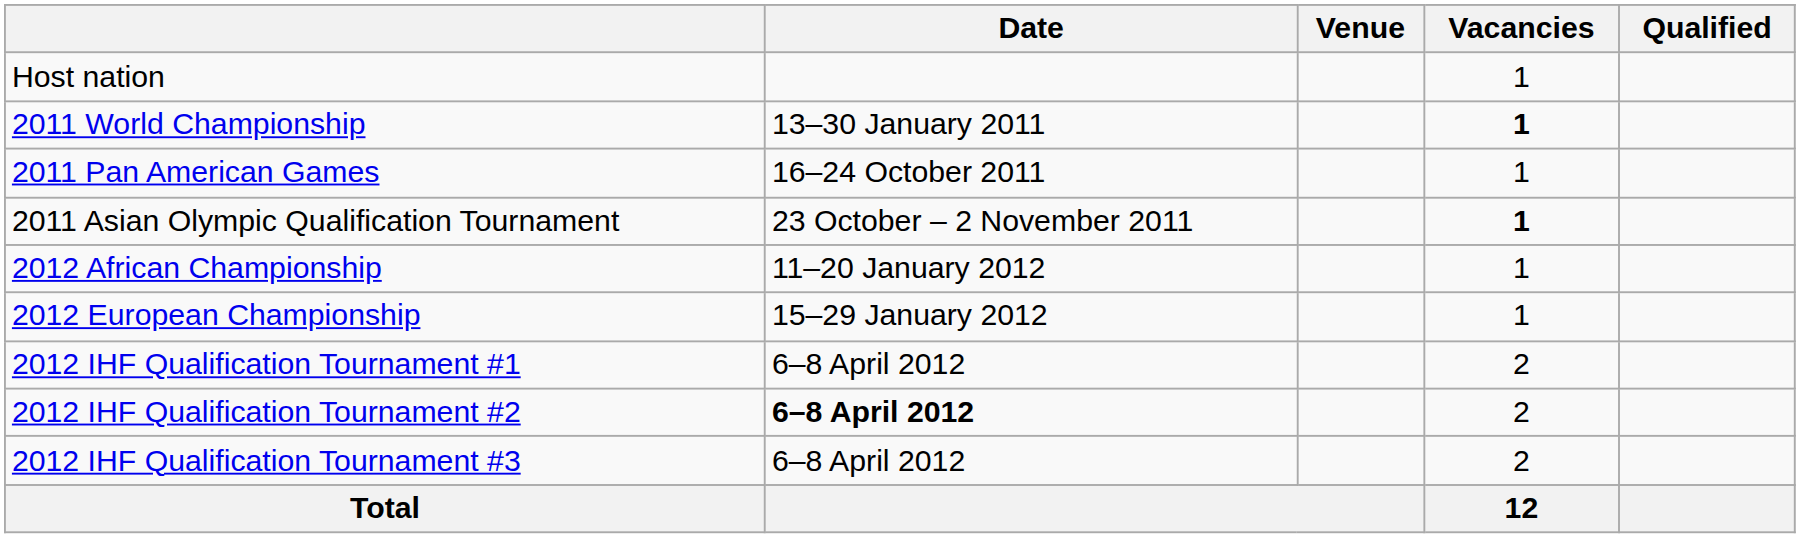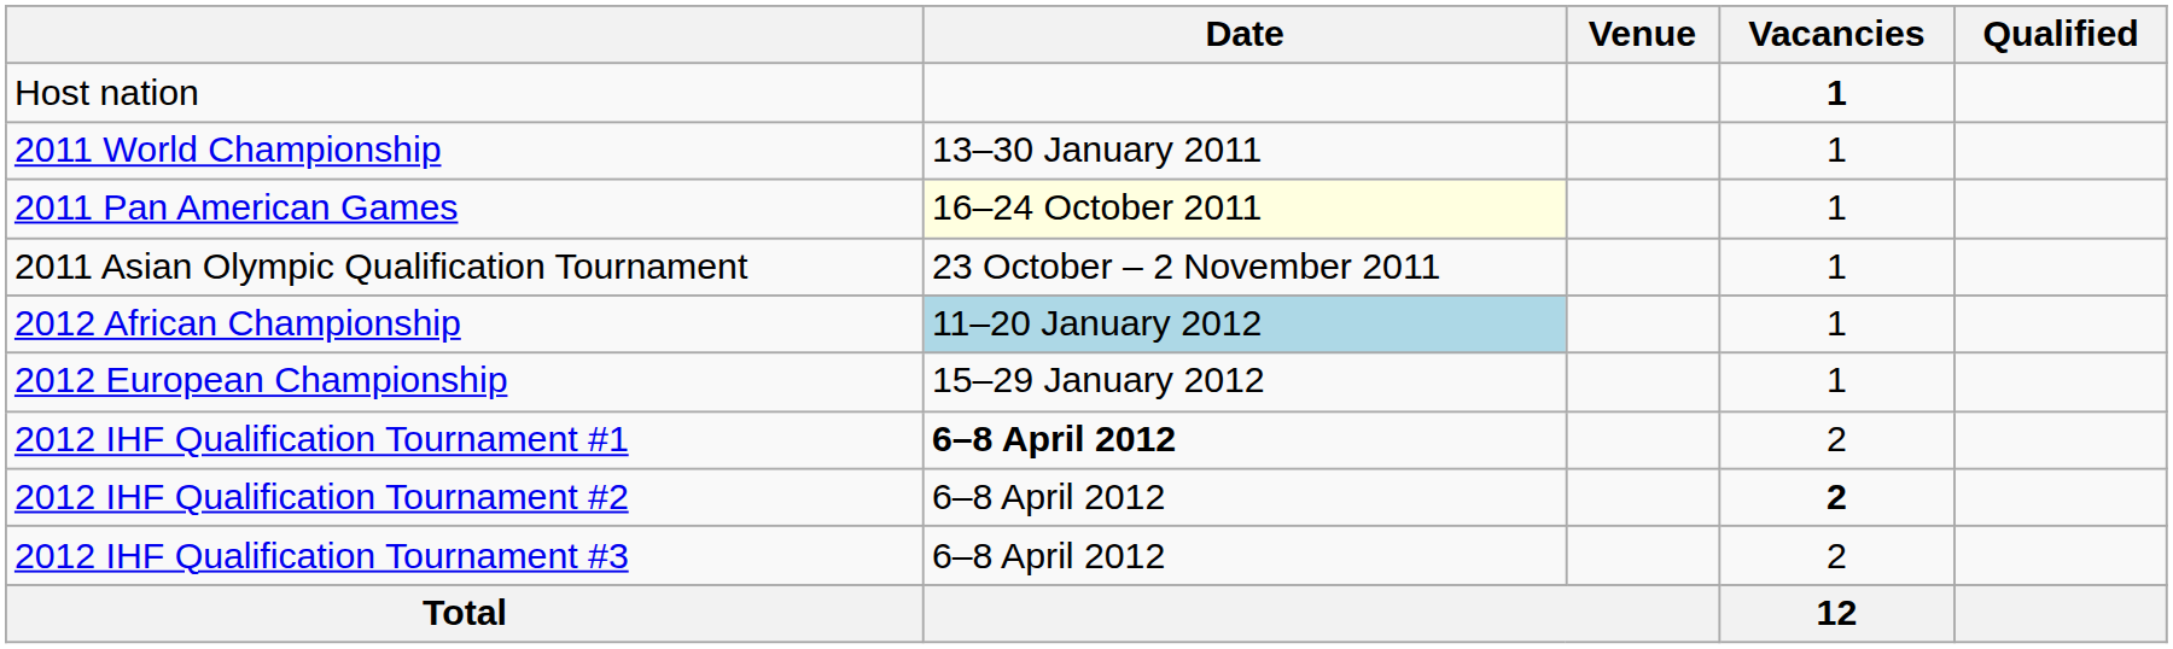 <table class="wikitable" width=75%>
 <tr>
 <th></th>
 <th>Date</th>
 <th>Venue</th>
 <th>Vacancies</th>
 <th>Qualified</th>
 </tr>
 <tr>
 <td>Host nation</td>
 <td></td>
 <td></td>
-<td align="center">1</td>
+<td align="center"><strong>1</strong></td>
 <td></td>
 </tr>
 <tr>
 <td><a href='#'>2011 World Championship</a></td>
 <td>13–30 January 2011</td>
 <td></td>
-<td align="center"><strong>1</strong></td>
+<td align="center">1</td>
 <td></td>
 </tr>
 <tr>
 <td><a href='#'>2011 Pan American Games</a></td>
-<td>16–24 October 2011</td>
+<td style="background: lightyellow;">16–24 October 2011</td>
 <td></td>
 <td align="center">1</td>
 <td></td>
 </tr>
 <tr>
 <td>2011 Asian Olympic Qualification Tournament</td>
 <td>23 October – 2 November 2011</td>
 <td></td>
-<td align="center"><strong>1</strong></td>
+<td align="center">1</td>
 <td></td>
 </tr>
 <tr>
 <td><a href='#'>2012 African Championship</a></td>
-<td>11–20 January 2012</td>
+<td style="background: lightblue;">11–20 January 2012</td>
 <td></td>
 <td align="center">1</td>
 <td></td>
 </tr>
 <tr>
 <td><a href='#'>2012 European Championship</a></td>
 <td>15–29 January 2012</td>
 <td></td>
 <td align="center">1</td>
 <td></td>
 </tr>
 <tr>
 <td><a href='#'>2012 IHF Qualification Tournament #1</a></td>
-<td>6–8 April 2012</td>
+<td><strong>6–8 April 2012</strong></td>
 <td></td>
 <td align="center">2</td>
 <td><br></td>
 </tr>
 <tr>
 <td><a href='#'>2012 IHF Qualification Tournament #2</a></td>
-<td><strong>6–8 April 2012</strong></td>
+<td>6–8 April 2012</td>
 <td></td>
-<td align="center">2</td>
+<td align="center"><strong>2</strong></td>
 <td><br></td>
 </tr>
 <tr>
 <td><a href='#'>2012 IHF Qualification Tournament #3</a></td>
 <td>6–8 April 2012</td>
 <td></td>
 <td align="center">2</td>
 <td><br></td>
 </tr>
 <tr>
 <th>Total</th>
 <th colspan="2"></th>
 <th>12</th>
 <th></th>
 </tr>
 </table>
